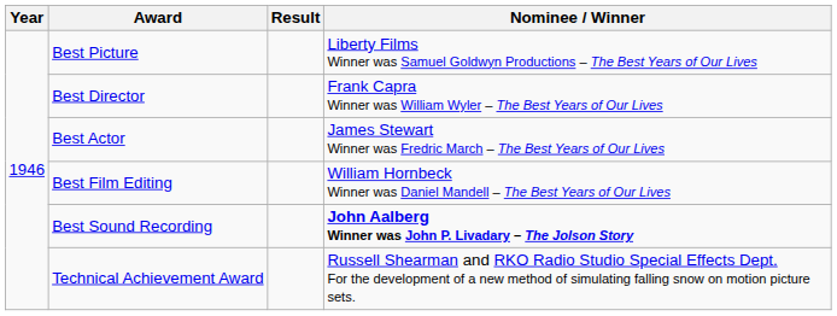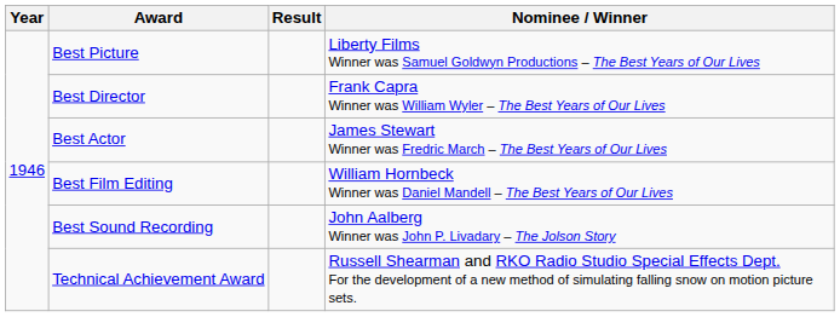 <table class="wikitable">
 <tr>
 <th>Year</th>
 <th>Award</th>
 <th>Result</th>
 <th width=500>Nominee / Winner</th>
 </tr>
 <tr>
 <td rowspan=6><a href='#'>1946</a></td>
 <td><a href='#'>Best Picture</a></td>
 <td></td>
 <td><a href='#'>Liberty Films</a> <br> <small>Winner was <a href='#'>Samuel Goldwyn Productions</a> – <em><a href='#'>The Best Years of Our Lives</a></em></small></td>
 </tr>
 <tr>
 <td><a href='#'>Best Director</a></td>
 <td></td>
 <td><a href='#'>Frank Capra</a> <br> <small>Winner was <a href='#'>William Wyler</a> – <em><a href='#'>The Best Years of Our Lives</a></em></small></td>
 </tr>
 <tr>
 <td><a href='#'>Best Actor</a></td>
 <td></td>
 <td><a href='#'>James Stewart</a> <br> <small>Winner was <a href='#'>Fredric March</a> – <em><a href='#'>The Best Years of Our Lives</a></em></small></td>
 </tr>
 <tr>
 <td><a href='#'>Best Film Editing</a></td>
 <td></td>
 <td><a href='#'>William Hornbeck</a> <br> <small>Winner was <a href='#'>Daniel Mandell</a> – <em><a href='#'>The Best Years of Our Lives</a></em></small></td>
 </tr>
 <tr>
 <td><a href='#'>Best Sound Recording</a></td>
 <td></td>
-<td><strong><a href='#'>John Aalberg</a> <br> <small>Winner was <a href='#'>John P. Livadary</a> – <em><a href='#'>The Jolson Story</a></em></small></strong></td>
+<td><a href='#'>John Aalberg</a> <br> <small>Winner was <a href='#'>John P. Livadary</a> – <em><a href='#'>The Jolson Story</a></em></small></td>
 </tr>
 <tr>
 <td><a href='#'>Technical Achievement Award</a></td>
 <td></td>
 <td><a href='#'>Russell Shearman</a> and <a href='#'>RKO Radio Studio Special Effects Dept.</a><br> <small>For the development of a new method of simulating falling snow on motion picture sets.</small></td>
 </tr>
 </table>
